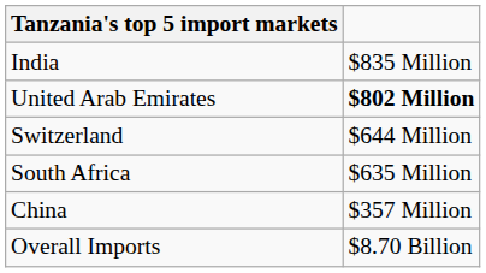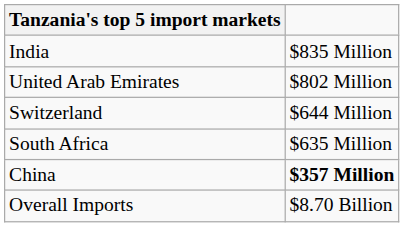 <table class="wikitable">
 <tr>
 <th>Tanzania's top 5 import markets</th>
 </tr>
 <tr>
 <td>India</td>
 <td>$835 Million</td>
 </tr>
 <tr>
 <td>United Arab Emirates</td>
-<td><strong>$802 Million</strong></td>
+<td>$802 Million</td>
 </tr>
 <tr>
 <td>Switzerland</td>
 <td>$644 Million</td>
 </tr>
 <tr>
 <td>South Africa</td>
 <td>$635 Million</td>
 </tr>
 <tr>
 <td>China</td>
-<td>$357 Million</td>
+<td><strong>$357 Million</strong></td>
 </tr>
 <tr>
 <td>Overall Imports</td>
 <td>$8.70 Billion</td>
 </tr>
 </table>
